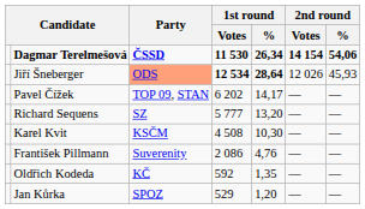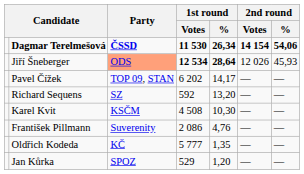 <table class="wikitable sortable">
 <tr>
 <th colspan="2" rowspan="2">Candidate</th>
 <th rowspan="2">Party</th>
 <th colspan="2">1st round</th>
 <th colspan="2">2nd round</th>
 </tr>
 <tr>
 <th>Votes</th>
 <th>%</th>
 <th>Votes</th>
 <th>%</th>
 </tr>
 <tr>
 <td style="background-color:"></td>
 <td><strong>Dagmar Terelmešová</strong></td>
 <td><a href='#'><strong>ČSSD</strong></a></td>
 <td><strong>11 530</strong></td>
 <td><strong>26,34</strong></td>
 <td><strong>14 154</strong></td>
 <td><strong>54,06</strong></td>
 </tr>
 <tr>
 <td style="background-color:"></td>
 <td>Jiří Šneberger</td>
 <td style="background: lightsalmon;"><a href='#'>ODS</a></td>
 <td><strong>12 534</strong></td>
 <td><strong>28,64</strong></td>
 <td>12 026</td>
 <td>45,93</td>
 </tr>
 <tr>
 <td style="background-color:"></td>
 <td>Pavel Čížek</td>
 <td><a href='#'>TOP 09</a>, <a href='#'>STAN</a></td>
 <td>6 202</td>
 <td>14,17</td>
 <td>—</td>
 <td>—</td>
 </tr>
 <tr>
 <td style="background-color:"></td>
 <td>Richard Sequens</td>
 <td><a href='#'>SZ</a></td>
-<td>5 777</td>
+<td>592</td>
 <td>13,20</td>
 <td>—</td>
 <td>—</td>
 </tr>
 <tr>
 <td style="background-color:"></td>
 <td>Karel Kvit</td>
 <td><a href='#'>KSČM</a></td>
 <td>4 508</td>
 <td>10,30</td>
 <td>—</td>
 <td>—</td>
 </tr>
 <tr>
 <td style="background-color:"></td>
 <td>František Pillmann</td>
 <td><a href='#'>Suverenity</a></td>
 <td>2 086</td>
 <td>4,76</td>
 <td>—</td>
 <td>—</td>
 </tr>
 <tr>
 <td style="background-color:"></td>
 <td>Oldřich Kodeda</td>
 <td><a href='#'>KČ</a></td>
-<td>592</td>
+<td>5 777</td>
 <td>1,35</td>
 <td>—</td>
 <td>—</td>
 </tr>
 <tr>
 <td style="background-color:"></td>
 <td>Jan Kůrka</td>
 <td><a href='#'>SPOZ</a></td>
 <td>529</td>
 <td>1,20</td>
 <td>—</td>
 <td>—</td>
 </tr>
 </table>
